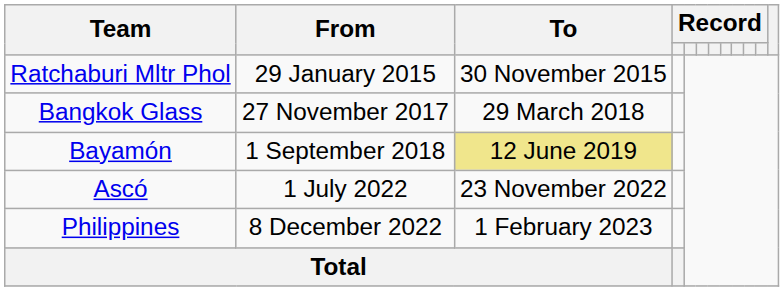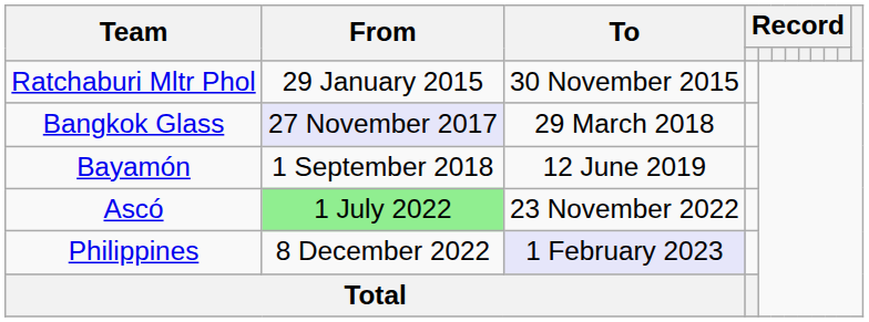 <table class="wikitable" style="text-align:center">
 <tr>
 <th rowspan="2">Team</th>
 <th rowspan="2">From</th>
 <th rowspan="2">To</th>
 <th colspan="8">Record</th>
 <th rowspan="2"></th>
 </tr>
 <tr>
 <th></th>
 <th></th>
 <th></th>
 <th></th>
 <th></th>
 <th></th>
 <th></th>
 <th></th>
 </tr>
 <tr>
 <td><a href='#'>Ratchaburi Mltr Phol</a></td>
 <td>29 January 2015</td>
 <td>30 November 2015<br></td>
 <td></td>
 </tr>
 <tr>
 <td><a href='#'>Bangkok Glass</a></td>
-<td>27 November 2017</td>
+<td style="background: lavender;">27 November 2017</td>
 <td>29 March 2018<br></td>
 <td></td>
 </tr>
 <tr>
 <td><a href='#'>Bayamón</a></td>
 <td>1 September 2018</td>
-<td style="background: khaki;">12 June 2019<br></td>
+<td>12 June 2019<br></td>
 <td></td>
 </tr>
 <tr>
 <td><a href='#'>Ascó</a></td>
-<td>1 July 2022</td>
+<td style="background: lightgreen;">1 July 2022</td>
 <td>23 November 2022<br></td>
 <td></td>
 </tr>
 <tr>
 <td><a href='#'>Philippines</a></td>
 <td>8 December 2022</td>
-<td>1 February 2023<br></td>
+<td style="background: lavender;">1 February 2023<br></td>
 <td></td>
 </tr>
 <tr>
 <th colspan="3">Total<br></th>
 <th></th>
 </tr>
 </table>
